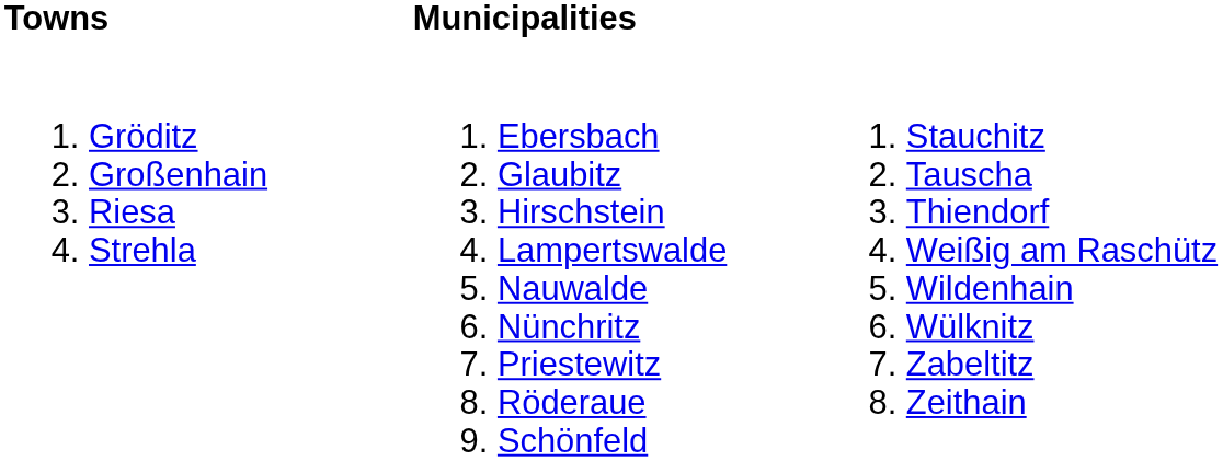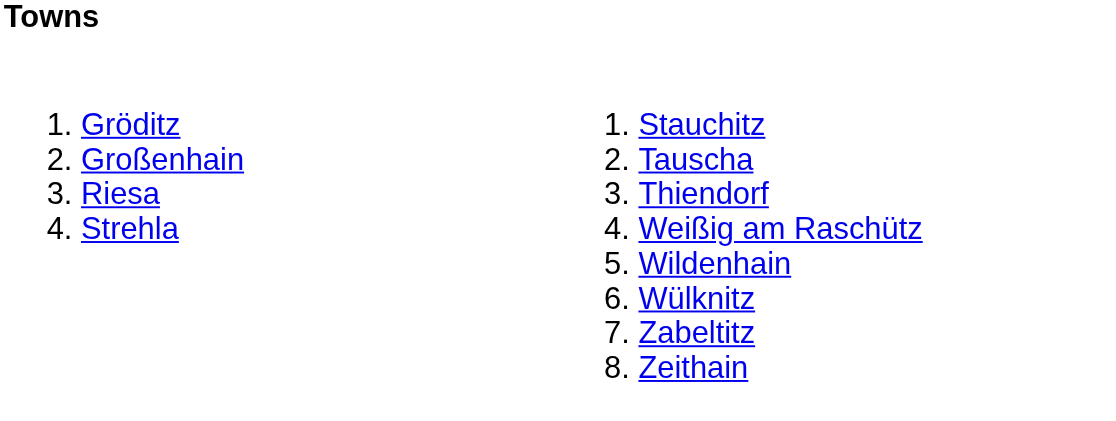 <table>
 <tr>
 <th align=left width=33%>Towns</th>
-<th align=left width=33%>Municipalities</th>
 <th align=left width=33%></th>
 </tr>
 <tr valign=top>
 <td><br><ol><li><a href='#'>Gröditz</a></li><li><a href='#'>Großenhain</a></li><li><a href='#'>Riesa</a></li><li><a href='#'>Strehla</a></li></ol></td>
-<td><br><ol><li><a href='#'>Ebersbach</a></li><li><a href='#'>Glaubitz</a></li><li><a href='#'>Hirschstein</a></li><li><a href='#'>Lampertswalde</a></li><li><a href='#'>Nauwalde</a></li><li><a href='#'>Nünchritz</a></li><li><a href='#'>Priestewitz</a></li><li><a href='#'>Röderaue</a></li><li><a href='#'>Schönfeld</a></li></ol></td>
 <td><br><ol> <li><a href='#'>Stauchitz</a> <li><a href='#'>Tauscha</a> <li><a href='#'>Thiendorf</a> <li><a href='#'>Weißig am Raschütz</a> <li><a href='#'>Wildenhain</a> <li><a href='#'>Wülknitz</a> <li><a href='#'>Zabeltitz</a> <li><a href='#'>Zeithain</a> </ol></td>
 </tr>
 </table>
